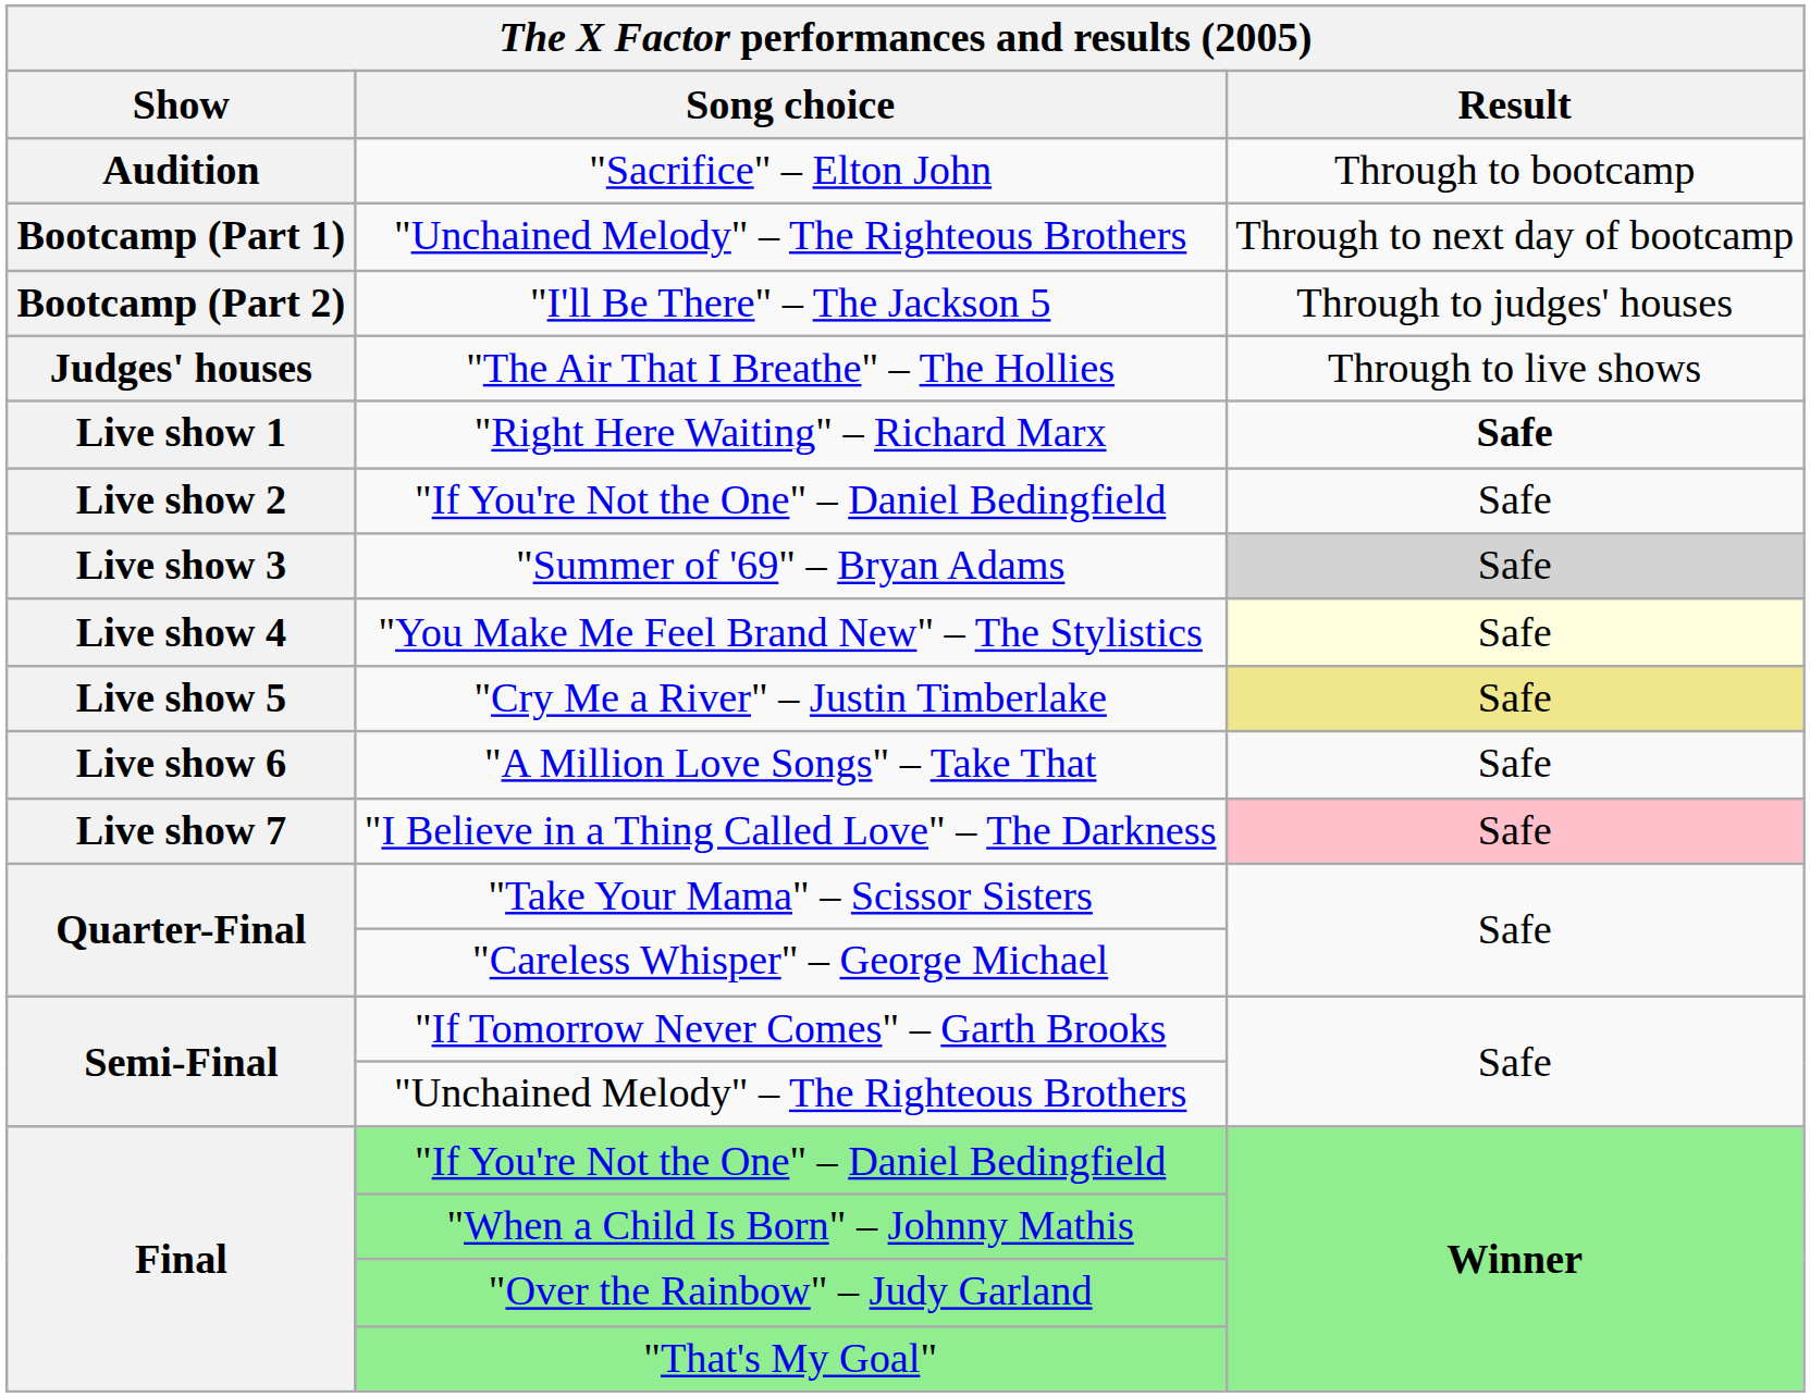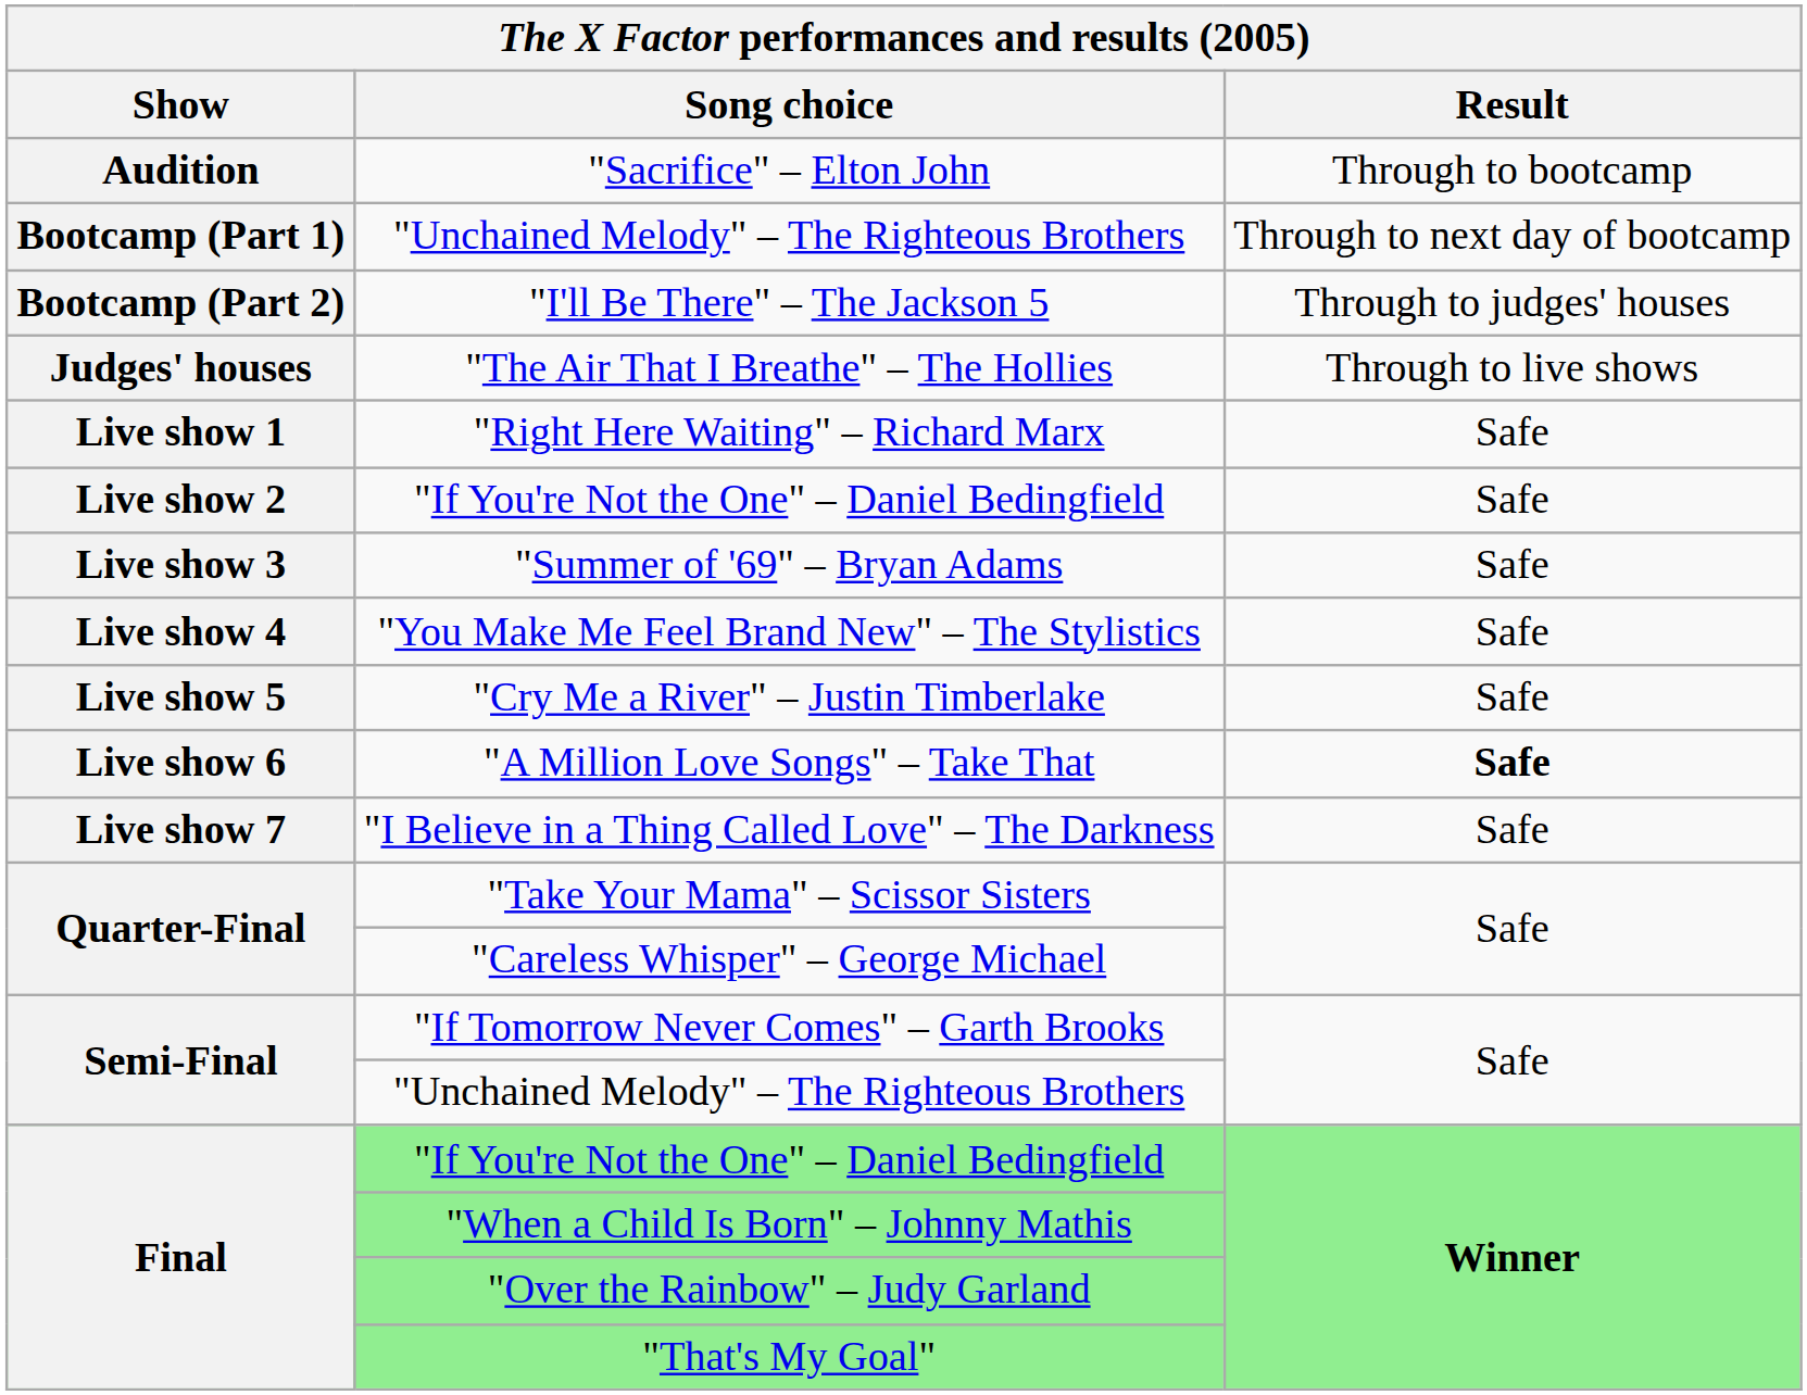 <table class="wikitable collapsible collapsed" style="margin:1em auto 1em auto; text-align:center;">
 <tr>
 <th colspan="4"><em>The X Factor</em> performances and results (2005)</th>
 </tr>
 <tr>
 <th style="text-align:centre;">Show</th>
 <th style="text-align:centre;">Song choice</th>
 <th style="text-align:centre;">Result</th>
 </tr>
 <tr>
 <th>Audition</th>
 <td>"<a href='#'>Sacrifice</a>" – <a href='#'>Elton John</a></td>
 <td>Through to bootcamp</td>
 </tr>
 <tr>
 <th>Bootcamp (Part 1)</th>
 <td>"<a href='#'>Unchained Melody</a>" – <a href='#'>The Righteous Brothers</a></td>
 <td>Through to next day of bootcamp</td>
 </tr>
 <tr>
 <th>Bootcamp (Part 2)</th>
 <td>"<a href='#'>I'll Be There</a>" – <a href='#'>The Jackson 5</a></td>
 <td>Through to judges' houses</td>
 </tr>
 <tr>
 <th>Judges' houses</th>
 <td>"<a href='#'>The Air That I Breathe</a>" – <a href='#'>The Hollies</a></td>
 <td>Through to live shows</td>
 </tr>
 <tr>
 <th>Live show 1</th>
 <td>"<a href='#'>Right Here Waiting</a>" – <a href='#'>Richard Marx</a></td>
-<td><strong>Safe</strong></td>
+<td>Safe</td>
 </tr>
 <tr>
 <th>Live show 2</th>
 <td>"<a href='#'>If You're Not the One</a>" – <a href='#'>Daniel Bedingfield</a></td>
 <td>Safe</td>
 </tr>
 <tr>
 <th>Live show 3</th>
 <td>"<a href='#'>Summer of '69</a>" – <a href='#'>Bryan Adams</a></td>
-<td style="background: lightgrey;">Safe</td>
+<td>Safe</td>
 </tr>
 <tr>
 <th>Live show 4</th>
 <td>"<a href='#'>You Make Me Feel Brand New</a>" – <a href='#'>The Stylistics</a></td>
-<td style="background: lightyellow;">Safe</td>
+<td>Safe</td>
 </tr>
 <tr>
 <th>Live show 5</th>
 <td>"<a href='#'>Cry Me a River</a>" – <a href='#'>Justin Timberlake</a></td>
-<td style="background: khaki;">Safe</td>
+<td>Safe</td>
 </tr>
 <tr>
 <th>Live show 6</th>
 <td>"<a href='#'>A Million Love Songs</a>" – <a href='#'>Take That</a></td>
-<td>Safe</td>
+<td><strong>Safe</strong></td>
 </tr>
 <tr>
 <th>Live show 7</th>
 <td>"<a href='#'>I Believe in a Thing Called Love</a>" – <a href='#'>The Darkness</a></td>
-<td style="background: pink;">Safe</td>
+<td>Safe</td>
 </tr>
 <tr>
 <th rowspan="2">Quarter-Final</th>
 <td>"<a href='#'>Take Your Mama</a>" – <a href='#'>Scissor Sisters</a></td>
 <td rowspan="2">Safe</td>
 </tr>
 <tr>
 <td>"<a href='#'>Careless Whisper</a>" – <a href='#'>George Michael</a></td>
 </tr>
 <tr>
 <th rowspan="2">Semi-Final</th>
 <td>"<a href='#'>If Tomorrow Never Comes</a>" – <a href='#'>Garth Brooks</a></td>
 <td rowspan="2">Safe</td>
 </tr>
 <tr>
 <td>"Unchained Melody" – <a href='#'>The Righteous Brothers</a></td>
 </tr>
 <tr style="background:lightgreen;">
 <th rowspan="4">Final</th>
 <td>"<a href='#'>If You're Not the One</a>" – <a href='#'>Daniel Bedingfield</a></td>
 <td rowspan="4"><strong>Winner</strong></td>
 </tr>
 <tr style="background:lightgreen;">
 <td>"<a href='#'>When a Child Is Born</a>" – <a href='#'>Johnny Mathis</a></td>
 </tr>
 <tr style="background:lightgreen;">
 <td>"<a href='#'>Over the Rainbow</a>" – <a href='#'>Judy Garland</a></td>
 </tr>
 <tr style="background:lightgreen;">
 <td>"<a href='#'>That's My Goal</a>"</td>
 </tr>
 </table>
